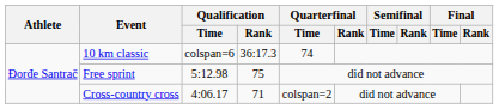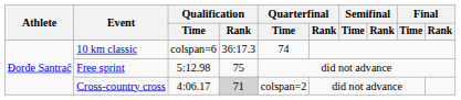 <table class="wikitable" style="font-size:90%">
 <tr>
 <th rowspan="2">Athlete</th>
 <th rowspan="2">Event</th>
 <th colspan="2">Qualification</th>
 <th colspan="2">Quarterfinal</th>
 <th colspan="2">Semifinal</th>
 <th colspan="2">Final</th>
 </tr>
 <tr style="font-size:95%">
 <th>Time</th>
 <th>Rank</th>
 <th>Time</th>
 <th>Rank</th>
 <th>Time</th>
 <th>Rank</th>
 <th>Time</th>
 <th>Rank</th>
 </tr>
 <tr align=center>
 <td align=left rowspan=3><a href='#'>Đorđe Santrač</a></td>
 <td align=left><a href='#'>10 km classic</a></td>
 <td>colspan=6 </td>
 <td>36:17.3</td>
 <td>74</td>
 </tr>
 <tr align=center>
 <td align=left><a href='#'>Free sprint</a></td>
 <td>5:12.98</td>
 <td>75</td>
 <td colspan=6>did not advance</td>
 </tr>
 <tr align=center>
 <td align=left><a href='#'>Cross-country cross</a></td>
 <td>4:06.17</td>
-<td>71</td>
+<td style="background: lightgrey;">71</td>
 <td>colspan=2 </td>
 <td colspan=4>did not advance</td>
 </tr>
 </table>
